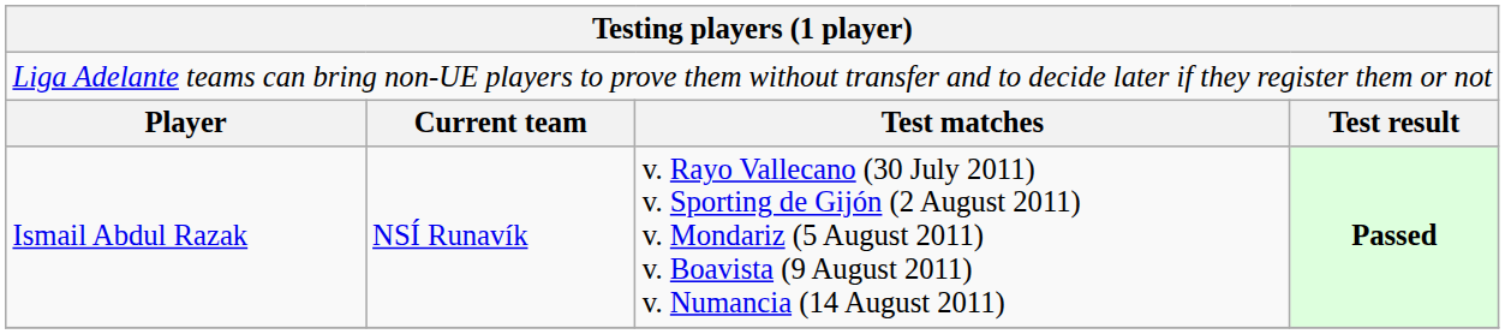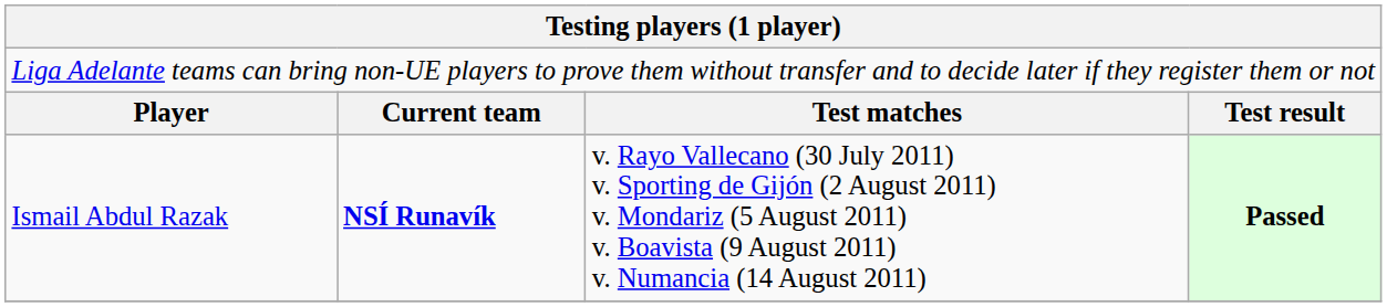 <table class="wikitable collapsible collapsed">
 <tr>
 <th colspan="4" width="500"><strong>Testing players</strong> (1 player)</th>
 </tr>
 <tr>
 <td colspan="4" align="center"><em><a href='#'>Liga Adelante</a> teams can bring non-UE players to prove them without transfer and to decide later if they register them or not</em></td>
 </tr>
 <tr>
 <th>Player</th>
 <th>Current team</th>
 <th>Test matches</th>
 <th>Test result</th>
 </tr>
 <tr>
 <td> <a href='#'>Ismail Abdul Razak</a></td>
-<td> <a href='#'>NSÍ Runavík</a></td>
+<td><strong> <a href='#'>NSÍ Runavík</a></strong></td>
 <td>v.  <a href='#'>Rayo Vallecano</a> (30 July 2011)<br>v.  <a href='#'>Sporting de Gijón</a> (2 August 2011)<br>v.  <a href='#'>Mondariz</a> (5 August 2011)<br>v.  <a href='#'>Boavista</a> (9 August 2011)<br>v. <a href='#'>Numancia</a> (14 August 2011)</td>
 <td align="center" bgcolor="#ddffdd"><strong>Passed</strong></td>
 </tr>
 <tr>
 </tr>
 </table>
